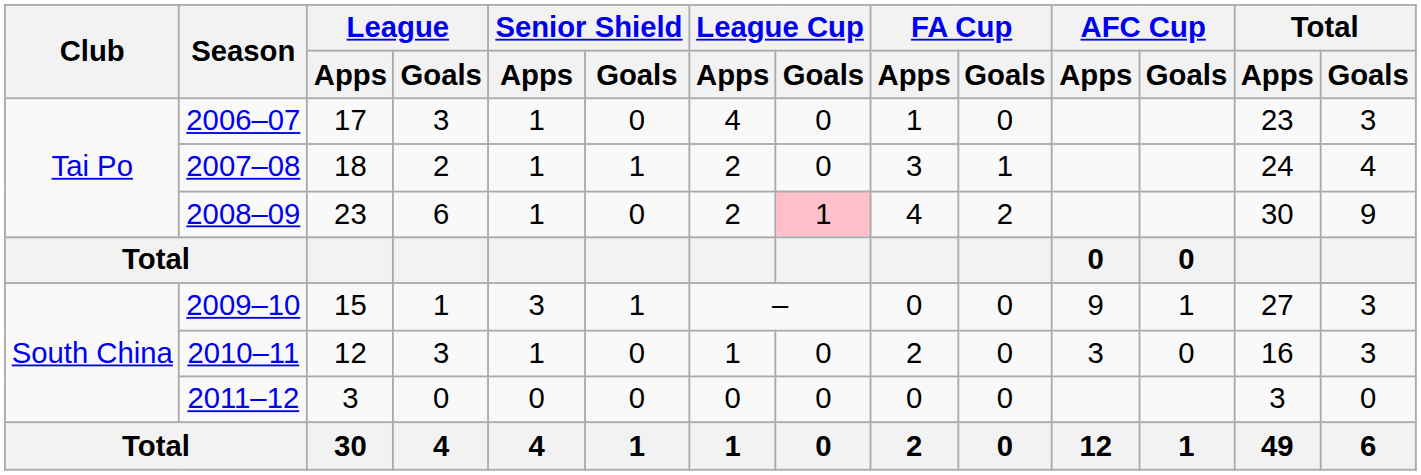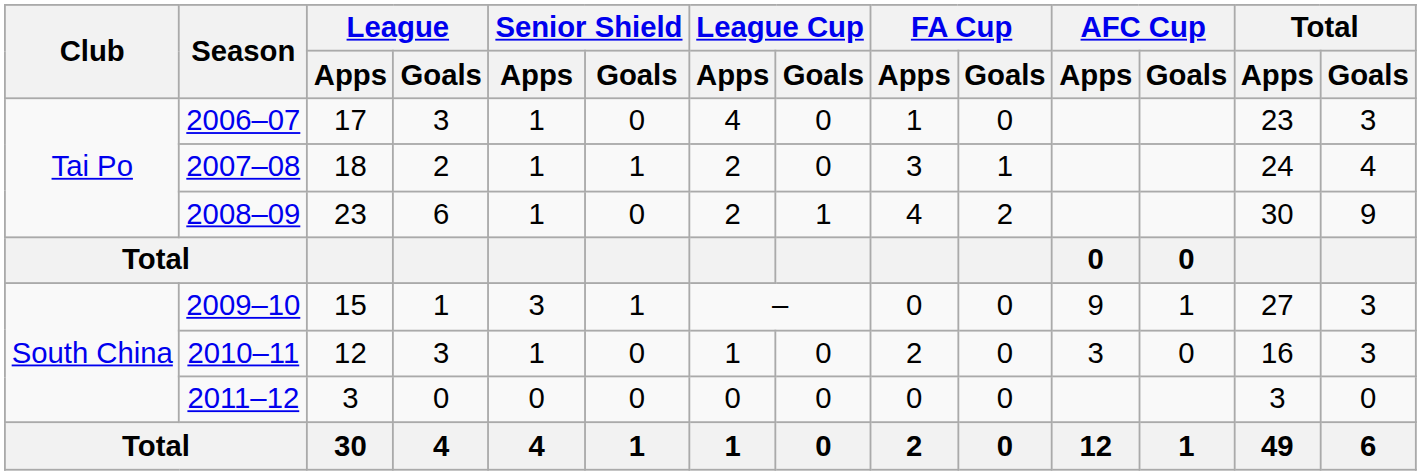 <table class="wikitable" style="text-align:center">
 <tr>
 <th rowspan="2">Club</th>
 <th rowspan="2">Season</th>
 <th colspan="2"><a href='#'>League</a></th>
 <th colspan="2"><a href='#'>Senior Shield</a></th>
 <th colspan="2"><a href='#'>League Cup</a></th>
 <th colspan="2"><a href='#'>FA Cup</a></th>
 <th colspan="2"><a href='#'>AFC Cup</a></th>
 <th colspan="2">Total</th>
 </tr>
 <tr>
 <th>Apps</th>
 <th>Goals</th>
 <th>Apps</th>
 <th>Goals</th>
 <th>Apps</th>
 <th>Goals</th>
 <th>Apps</th>
 <th>Goals</th>
 <th>Apps</th>
 <th>Goals</th>
 <th>Apps</th>
 <th>Goals</th>
 </tr>
 <tr>
 <td rowspan="3"><a href='#'>Tai Po</a></td>
 <td><a href='#'>2006–07</a></td>
 <td>17</td>
 <td>3</td>
 <td>1</td>
 <td>0</td>
 <td>4</td>
 <td>0</td>
 <td>1</td>
 <td>0</td>
 <td></td>
 <td></td>
 <td>23</td>
 <td>3</td>
 </tr>
 <tr>
 <td><a href='#'>2007–08</a></td>
 <td>18</td>
 <td>2</td>
 <td>1</td>
 <td>1</td>
 <td>2</td>
 <td>0</td>
 <td>3</td>
 <td>1</td>
 <td></td>
 <td></td>
 <td>24</td>
 <td>4</td>
 </tr>
 <tr>
 <td><a href='#'>2008–09</a></td>
 <td>23</td>
 <td>6</td>
 <td>1</td>
 <td>0</td>
 <td>2</td>
-<td style="background: pink;">1</td>
+<td>1</td>
 <td>4</td>
 <td>2</td>
 <td></td>
 <td></td>
 <td>30</td>
 <td>9</td>
 </tr>
 <tr>
 <th colspan="2">Total</th>
 <th></th>
 <th></th>
 <th></th>
 <th></th>
 <th></th>
 <th></th>
 <th></th>
 <th></th>
 <th>0</th>
 <th>0</th>
 <th></th>
 <th></th>
 </tr>
 <tr>
 <td rowspan="3"><a href='#'>South China</a></td>
 <td><a href='#'>2009–10</a></td>
 <td>15</td>
 <td>1</td>
 <td>3</td>
 <td>1</td>
 <td colspan="2">–</td>
 <td>0</td>
 <td>0</td>
 <td>9</td>
 <td>1</td>
 <td>27</td>
 <td>3</td>
 </tr>
 <tr>
 <td><a href='#'>2010–11</a></td>
 <td>12</td>
 <td>3</td>
 <td>1</td>
 <td>0</td>
 <td>1</td>
 <td>0</td>
 <td>2</td>
 <td>0</td>
 <td>3</td>
 <td>0</td>
 <td>16</td>
 <td>3</td>
 </tr>
 <tr>
 <td><a href='#'>2011–12</a></td>
 <td>3</td>
 <td>0</td>
 <td>0</td>
 <td>0</td>
 <td>0</td>
 <td>0</td>
 <td>0</td>
 <td>0</td>
 <td></td>
 <td></td>
 <td>3</td>
 <td>0</td>
 </tr>
 <tr>
 <th colspan="2">Total</th>
 <th>30</th>
 <th>4</th>
 <th>4</th>
 <th>1</th>
 <th>1</th>
 <th>0</th>
 <th>2</th>
 <th>0</th>
 <th>12</th>
 <th>1</th>
 <th>49</th>
 <th>6</th>
 </tr>
 </table>
